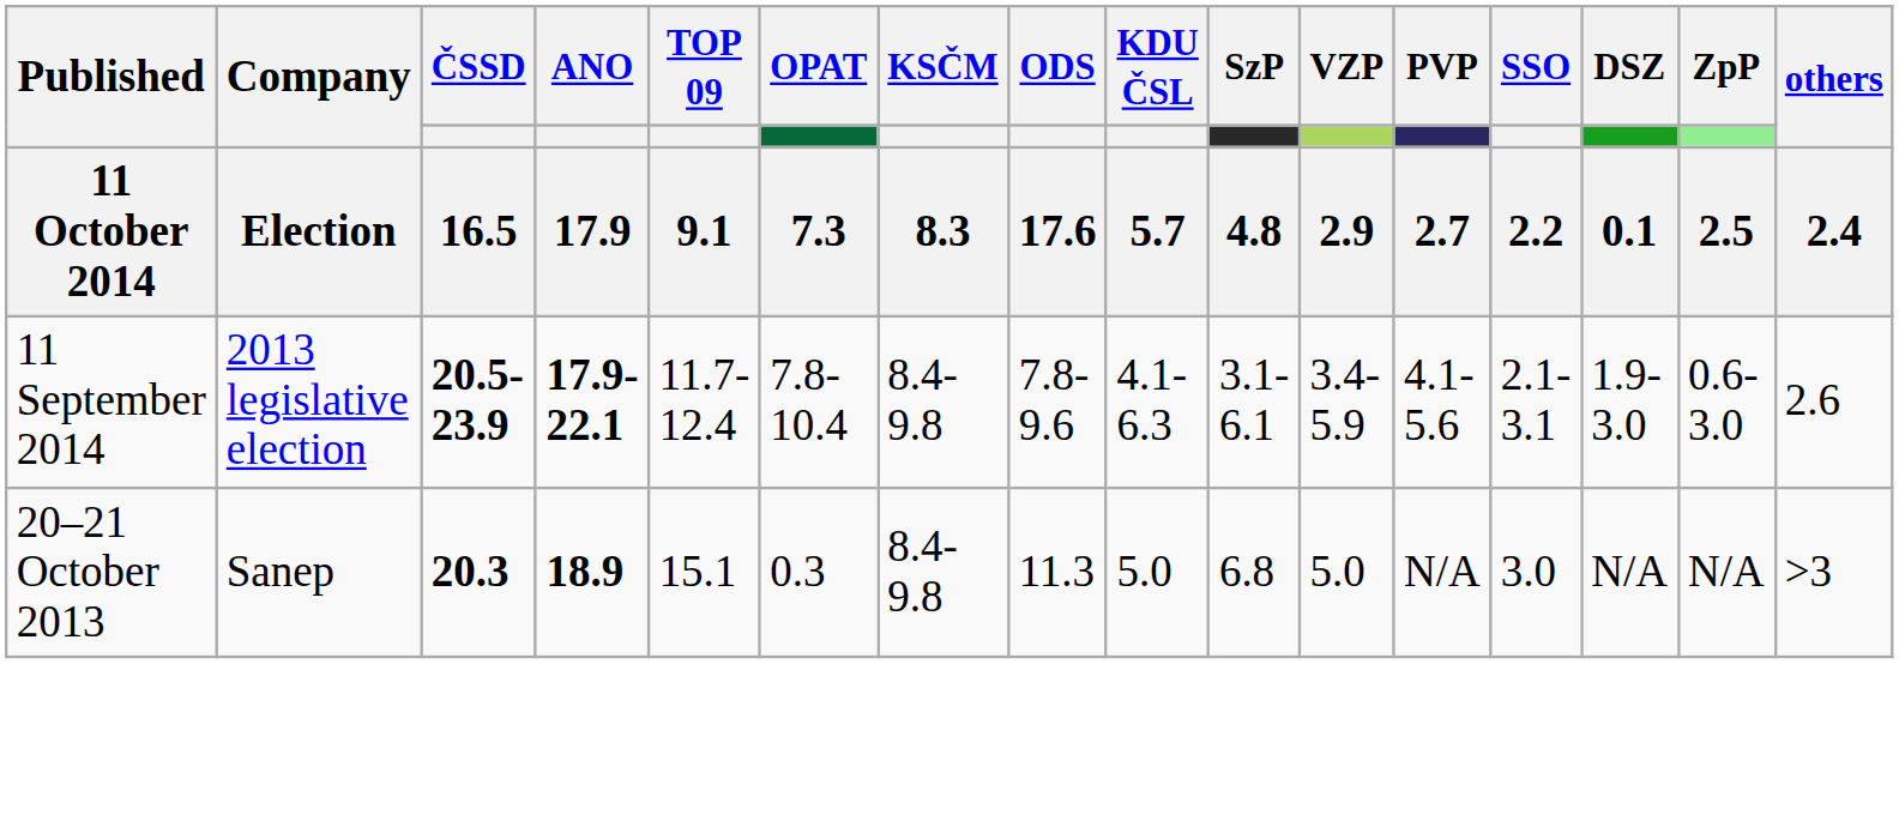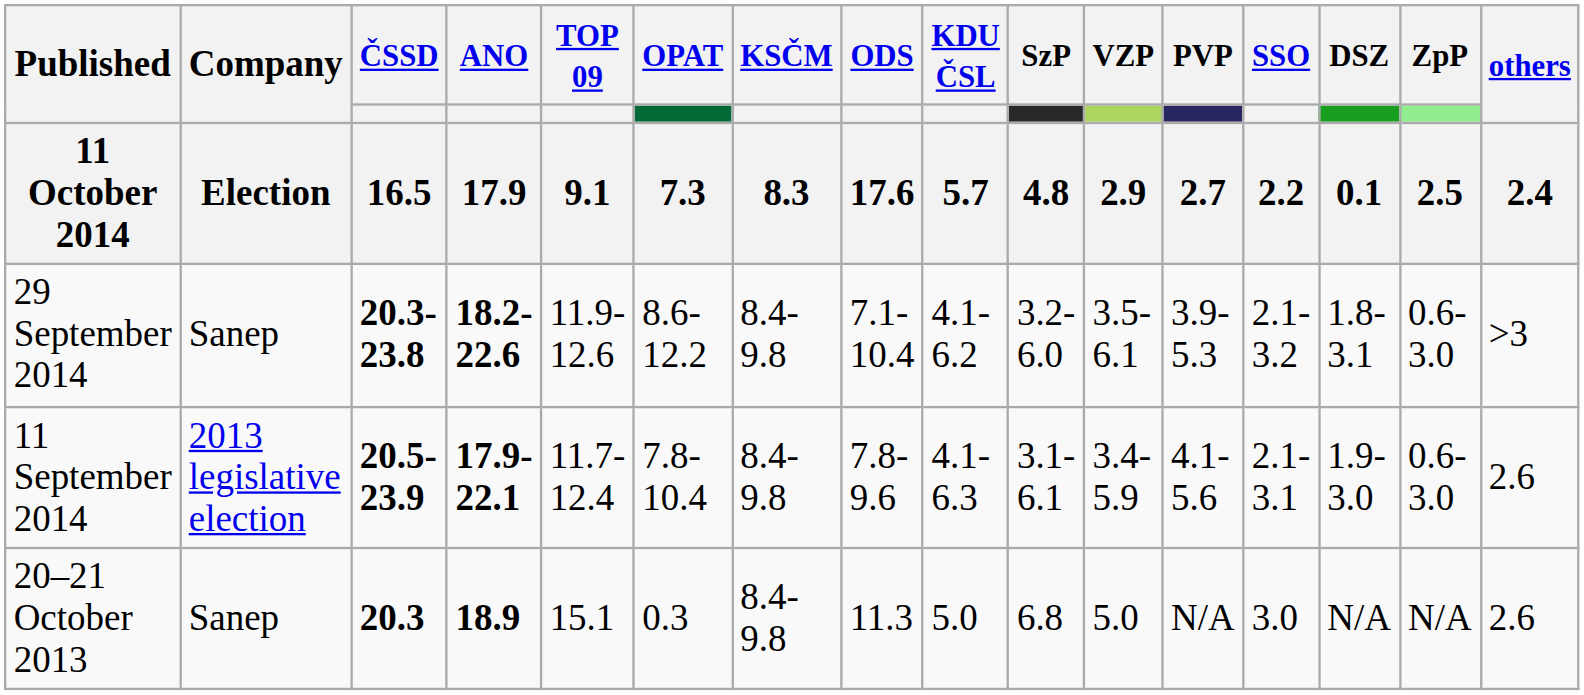 <table class="wikitable" style="text-align:left;">
 <tr>
 <th style="width:90px;" rowspan="2">Published</th>
 <th style="width:90px;" rowspan="2">Company</th>
 <th style="width:40px"><a href='#'><small>ČSSD</small></a></th>
 <th style="width:30px"><a href='#'><small>ANO</small></a></th>
 <th style="width:40px"><a href='#'><small>TOP 09</small></a></th>
 <th style="width:40px"><a href='#'><small>OPAT</small></a><br></th>
 <th style="width:40px"><a href='#'><small>KSČM</small></a></th>
 <th style="width:40px"><a href='#'><small>ODS</small></a></th>
 <th style="width:30px"><a href='#'><small>KDU<br>ČSL</small></a></th>
 <th style="width:30px"><small>SzP</small></th>
 <th style="width:30px"><small>VZP</small></th>
 <th style="width:30px"><small>PVP</small></th>
 <th style="width:30px"><a href='#'><small>SSO</small></a></th>
 <th style="width:30px"><small>DSZ</small></th>
 <th style="width:30px"><small>ZpP</small></th>
 <th style="width:90px;" rowspan="2"><a href='#'><small>others</small></a></th>
 </tr>
 <tr>
 <th style="background:"></th>
 <th style="background:"></th>
 <th style="background:"></th>
 <th style="background:#036937; width:40px;"></th>
 <th style="background:"></th>
 <th style="background:"></th>
 <th style="background:"></th>
 <th style="background:#292829; width:40px;"></th>
 <th style="background:#ACD55F; width:40px;"></th>
 <th style="background:#272660; width:40px;"></th>
 <th style="background:"></th>
 <th style="background:#179E1E; width:40px;"></th>
 <th style="background:#90EE90; width:40px;"></th>
 </tr>
 <tr>
 <th>11 October 2014</th>
 <th>Election</th>
 <th>16.5</th>
 <th><strong>17.9</strong></th>
 <th>9.1</th>
 <th>7.3</th>
 <th>8.3</th>
 <th><strong>17.6</strong></th>
 <th>5.7</th>
 <th>4.8</th>
 <th>2.9</th>
 <th>2.7</th>
 <th>2.2</th>
 <th>0.1</th>
 <th>2.5</th>
 <th>2.4</th>
 </tr>
 <tr>
+<td>29 September 2014</td>
+<td>Sanep</td>
+<td><strong>20.3-23.8</strong></td>
+<td><strong>18.2-22.6</strong></td>
+<td>11.9-12.6</td>
+<td>8.6-12.2</td>
+<td>8.4-9.8</td>
+<td>7.1-10.4</td>
+<td>4.1-6.2</td>
+<td>3.2-6.0</td>
+<td>3.5-6.1</td>
+<td>3.9-5.3</td>
+<td>2.1-3.2</td>
+<td>1.8-3.1</td>
+<td>0.6-3.0</td>
+<td>>3</td>
+</tr>
+<tr>
 <td>11 September 2014</td>
 <td><a href='#'>2013 legislative election</a></td>
 <td><strong>20.5-23.9</strong></td>
 <td><strong>17.9-22.1</strong></td>
 <td>11.7-12.4</td>
 <td>7.8-10.4</td>
 <td>8.4-9.8</td>
 <td>7.8-9.6</td>
 <td>4.1-6.3</td>
 <td>3.1-6.1</td>
 <td>3.4-5.9</td>
 <td>4.1-5.6</td>
 <td>2.1-3.1</td>
 <td>1.9-3.0</td>
 <td>0.6-3.0</td>
 <td>2.6</td>
 </tr>
 <tr>
 <td>20–21 October 2013</td>
 <td>Sanep</td>
 <td><strong>20.3</strong></td>
 <td><strong>18.9</strong></td>
 <td>15.1</td>
 <td>0.3</td>
 <td>8.4-9.8</td>
 <td>11.3</td>
 <td>5.0</td>
 <td>6.8</td>
 <td>5.0</td>
 <td>N/A</td>
 <td>3.0</td>
 <td>N/A</td>
 <td>N/A</td>
-<td>>3</td>
+<td>2.6</td>
 </tr>
 </table>
